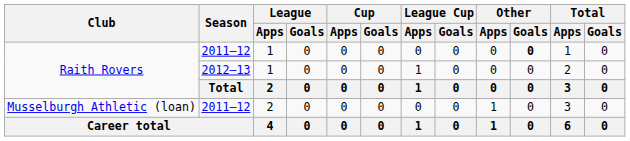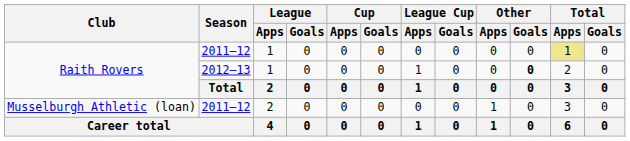 <table class="wikitable" style="font-size:95%; text-align:center">
 <tr>
 <th rowspan="2">Club</th>
 <th rowspan="2">Season</th>
 <th colspan="2">League</th>
 <th colspan="2">Cup</th>
 <th colspan="2">League Cup</th>
 <th colspan="2">Other</th>
 <th ! colspan="2">Total</th>
 </tr>
 <tr>
 <th>Apps</th>
 <th>Goals</th>
 <th>Apps</th>
 <th>Goals</th>
 <th>Apps</th>
 <th>Goals</th>
 <th>Apps</th>
 <th>Goals</th>
 <th>Apps</th>
 <th>Goals</th>
 </tr>
 <tr>
 <td rowspan="3"><a href='#'>Raith Rovers</a></td>
 <td><a href='#'>2011–12</a></td>
 <td>1</td>
 <td>0</td>
 <td>0</td>
 <td>0</td>
 <td>0</td>
 <td>0</td>
 <td>0</td>
-<td><strong>0</strong></td>
-<td>1</td>
+<td>0</td>
+<td style="background: khaki;">1</td>
 <td>0</td>
 </tr>
 <tr>
 <td><a href='#'>2012–13</a></td>
 <td>1</td>
 <td>0</td>
 <td>0</td>
 <td>0</td>
 <td>1</td>
 <td>0</td>
 <td>0</td>
-<td>0</td>
+<td><strong>0</strong></td>
 <td>2</td>
 <td>0</td>
 </tr>
 <tr>
 <th>Total</th>
 <th>2</th>
 <th>0</th>
 <th>0</th>
 <th>0</th>
 <th>1</th>
 <th>0</th>
 <th>0</th>
 <th>0</th>
 <th>3</th>
 <th>0</th>
 </tr>
 <tr>
 <td rowspan="1"><a href='#'>Musselburgh Athletic</a> (loan)</td>
 <td><a href='#'>2011–12</a></td>
 <td>2</td>
 <td>0</td>
 <td>0</td>
 <td>0</td>
 <td>0</td>
 <td>0</td>
 <td>1</td>
 <td>0</td>
 <td>3</td>
 <td>0</td>
 </tr>
 <tr>
 <th colspan="2">Career total</th>
 <th>4</th>
 <th>0</th>
 <th>0</th>
 <th>0</th>
 <th>1</th>
 <th>0</th>
 <th>1</th>
 <th>0</th>
 <th>6</th>
 <th>0</th>
 </tr>
 </table>
